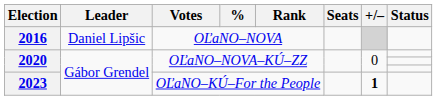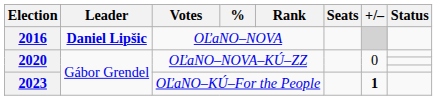 <table class=wikitable style=text-align:center>
 <tr>
 <th>Election</th>
 <th>Leader</th>
 <th>Votes</th>
 <th>%</th>
 <th>Rank</th>
 <th>Seats</th>
 <th>+/–</th>
 <th>Status</th>
 </tr>
 <tr>
 <th><a href='#'>2016</a></th>
-<td><a href='#'>Daniel Lipšic</a></td>
+<td><strong><a href='#'>Daniel Lipšic</a></strong></td>
 <td colspan="3"><a href='#'><em>OĽaNO–NOVA</em></a></td>
 <td></td>
 <td bgcolor="lightgrey"></td>
 <td></td>
 </tr>
 <tr>
 <th rowspan="3"><a href='#'>2020</a></th>
 <td rowspan="4"><a href='#'>Gábor Grendel</a></td>
 <td colspan="3" rowspan="3"><a href='#'><em>OĽaNO–NOVA–KÚ–ZZ</em></a></td>
 <td rowspan="3"></td>
 <td rowspan="3"> 0</td>
 <td></td>
 </tr>
 <tr>
 <td></td>
 </tr>
 <tr>
 <td></td>
 </tr>
 <tr>
 <th><a href='#'>2023</a></th>
 <td colspan="3"><em><a href='#'>OĽaNO–KÚ–For the People</a></em></td>
 <td></td>
 <td><strong> 1</strong></td>
 <td></td>
 </tr>
 </table>
